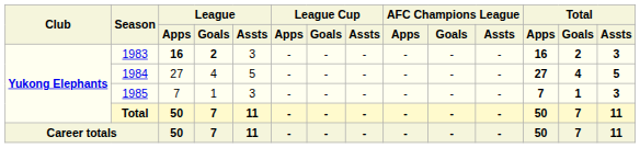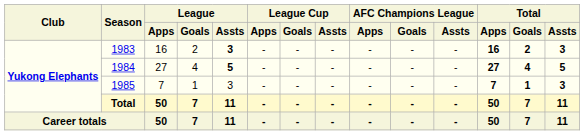 <table border=1 align=center cellpadding=4 cellspacing=2 style="background:ivory; font-size:95%; border:1px #aaaaaa solid; border-collapse:collapse; clear:center">
 <tr style="background:beige">
 <th rowspan="2">Club</th>
 <th rowspan="2">Season</th>
 <th colspan="3">League</th>
 <th colspan="3">League Cup</th>
 <th colspan="3">AFC Champions League</th>
 <th colspan="3">Total</th>
 </tr>
 <tr style="background:beige">
 <th>Apps</th>
 <th>Goals</th>
 <th>Assts</th>
 <th>Apps</th>
 <th>Goals</th>
 <th>Assts</th>
 <th>Apps</th>
 <th>Goals</th>
 <th>Assts</th>
 <th>Apps</th>
 <th>Goals</th>
 <th>Assts</th>
 </tr>
 <tr>
 <td rowspan="4" align=center valign=center><strong><a href='#'>Yukong Elephants</a></strong></td>
 <td align="center"><a href='#'>1983</a></td>
-<td align="center"><strong>16</strong></td>
-<td align="center"><strong>2</strong></td>
-<td align="center">3</td>
+<td align="center">16</td>
+<td align="center">2</td>
+<td align="center"><strong>3</strong></td>
 <td align="center">-</td>
 <td align="center">-</td>
 <td align="center">-</td>
 <td align="center">-</td>
 <td align="center">-</td>
 <td align="center">-</td>
 <th>16</th>
 <th>2</th>
 <th>3</th>
 </tr>
 <tr>
 <td align="center"><a href='#'>1984</a></td>
 <td align="center">27</td>
 <td align="center">4</td>
-<td align="center">5</td>
+<td align="center"><strong>5</strong></td>
 <td align="center">-</td>
 <td align="center">-</td>
 <td align="center">-</td>
 <td align="center">-</td>
 <td align="center">-</td>
 <td align="center">-</td>
 <th>27</th>
 <th>4</th>
 <th>5</th>
 </tr>
 <tr>
 <td align="center"><a href='#'>1985</a></td>
 <td align="center">7</td>
 <td align="center">1</td>
 <td align="center">3</td>
 <td align="center">-</td>
 <td align="center">-</td>
 <td align="center">-</td>
 <td align="center">-</td>
 <td align="center">-</td>
 <td align="center">-</td>
 <th>7</th>
 <th>1</th>
 <th>3</th>
 </tr>
 <tr style="background:lemonchiffon">
 <th>Total</th>
 <th>50</th>
 <th>7</th>
 <th>11</th>
 <th>-</th>
 <th>-</th>
 <th>-</th>
 <th>-</th>
 <th>-</th>
 <th>-</th>
 <th>50</th>
 <th>7</th>
 <th>11</th>
 </tr>
 <tr style="background:beige">
 <th colspan="2">Career totals</th>
 <th>50</th>
 <th>7</th>
 <th>11</th>
 <th>-</th>
 <th>-</th>
 <th>-</th>
 <th>-</th>
 <th>-</th>
 <th>-</th>
 <th>50</th>
 <th>7</th>
 <th>11</th>
 </tr>
 </table>
